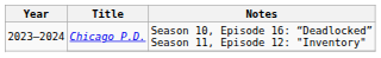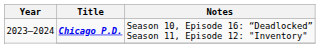 <table class="wikitable">
 <tr>
 <th>Year</th>
 <th>Title</th>
 <th>Notes</th>
 </tr>
 <tr>
 <td rowspan="2">2023–2024</td>
-<td><em><a href='#'>Chicago P.D.</a></em></td>
+<td><strong><em><a href='#'>Chicago P.D.</a></em></strong></td>
 <td>Season 10, Episode 16: “Deadlocked”<br>Season 11, Episode 12: "Inventory"</td>
 </tr>
 <tr>
 </tr>
 </table>
